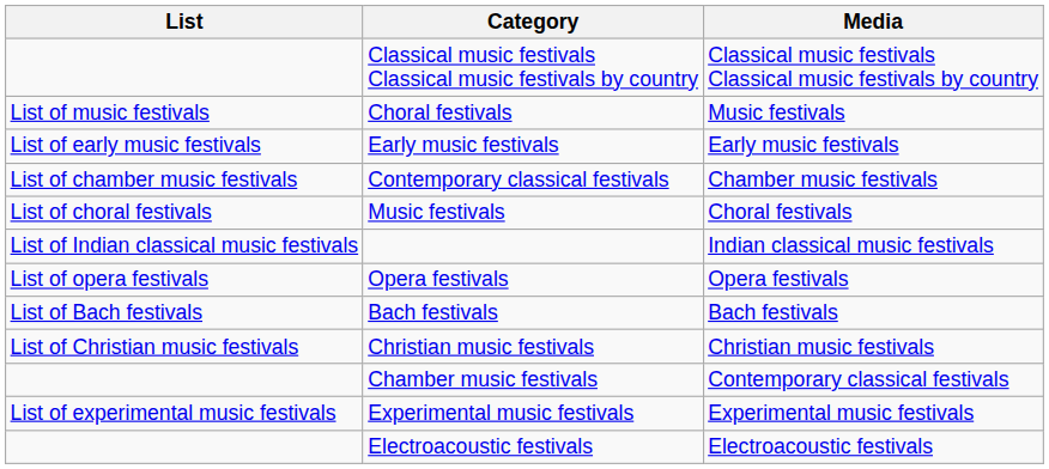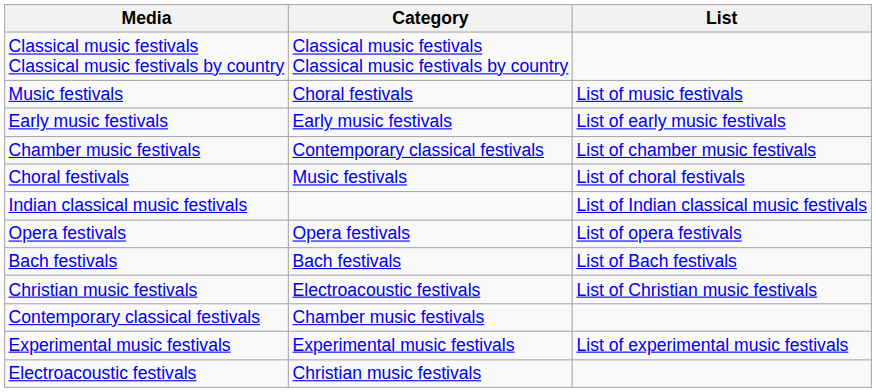 <table class="wikitable sortable">
 <tr>
+<th>Media</th>
+<th>Category</th>
 <th>List</th>
-<th>Category</th>
-<th>Media</th>
 </tr>
 <tr>
-<td></td>
 <td> <a href='#'>Classical music festivals</a><br> <a href='#'>Classical music festivals by country</a></td>
 <td> <a href='#'>Classical music festivals</a><br> <a href='#'>Classical music festivals by country</a></td>
+<td></td>
 </tr>
 <tr>
+<td> <a href='#'>Music festivals</a></td>
+<td> <a href='#'>Choral festivals</a></td>
 <td><a href='#'>List of music festivals</a></td>
+</tr>
+<tr>
+<td> <a href='#'>Early music festivals</a></td>
+<td> <a href='#'>Early music festivals</a></td>
+<td><a href='#'>List of early music festivals</a></td>
+</tr>
+<tr>
+<td> <a href='#'>Chamber music festivals</a></td>
+<td> <a href='#'>Contemporary classical festivals</a></td>
+<td><a href='#'>List of chamber music festivals</a></td>
+</tr>
+<tr>
 <td> <a href='#'>Choral festivals</a></td>
 <td> <a href='#'>Music festivals</a></td>
+<td><a href='#'>List of choral festivals</a></td>
 </tr>
 <tr>
-<td><a href='#'>List of early music festivals</a></td>
-<td> <a href='#'>Early music festivals</a></td>
-<td> <a href='#'>Early music festivals</a></td>
+<td> <a href='#'>Indian classical music festivals</a></td>
+<td></td>
+<td><a href='#'>List of Indian classical music festivals</a></td>
 </tr>
 <tr>
-<td><a href='#'>List of chamber music festivals</a></td>
+<td> <a href='#'>Opera festivals</a></td>
+<td> <a href='#'>Opera festivals</a></td>
+<td><a href='#'>List of opera festivals</a></td>
+</tr>
+<tr>
+<td> <a href='#'>Bach festivals</a></td>
+<td> <a href='#'>Bach festivals</a></td>
+<td><a href='#'>List of Bach festivals</a></td>
+</tr>
+<tr>
+<td> <a href='#'>Christian music festivals</a></td>
+<td> <a href='#'>Electroacoustic festivals</a></td>
+<td><a href='#'>List of Christian music festivals</a></td>
+</tr>
+<tr>
 <td> <a href='#'>Contemporary classical festivals</a></td>
 <td> <a href='#'>Chamber music festivals</a></td>
+<td></td>
 </tr>
 <tr>
-<td><a href='#'>List of choral festivals</a></td>
-<td> <a href='#'>Music festivals</a></td>
-<td> <a href='#'>Choral festivals</a></td>
+<td> <a href='#'>Experimental music festivals</a></td>
+<td> <a href='#'>Experimental music festivals</a></td>
+<td><a href='#'>List of experimental music festivals</a></td>
 </tr>
 <tr>
-<td><a href='#'>List of Indian classical music festivals</a></td>
+<td> <a href='#'>Electroacoustic festivals</a></td>
+<td> <a href='#'>Christian music festivals</a></td>
 <td></td>
-<td> <a href='#'>Indian classical music festivals</a></td>
-</tr>
-<tr>
-<td><a href='#'>List of opera festivals</a></td>
-<td> <a href='#'>Opera festivals</a></td>
-<td> <a href='#'>Opera festivals</a></td>
-</tr>
-<tr>
-<td><a href='#'>List of Bach festivals</a></td>
-<td> <a href='#'>Bach festivals</a></td>
-<td> <a href='#'>Bach festivals</a></td>
-</tr>
-<tr>
-<td><a href='#'>List of Christian music festivals</a></td>
-<td> <a href='#'>Christian music festivals</a></td>
-<td> <a href='#'>Christian music festivals</a></td>
-</tr>
-<tr>
-<td></td>
-<td> <a href='#'>Chamber music festivals</a></td>
-<td> <a href='#'>Contemporary classical festivals</a></td>
-</tr>
-<tr>
-<td><a href='#'>List of experimental music festivals</a></td>
-<td> <a href='#'>Experimental music festivals</a></td>
-<td> <a href='#'>Experimental music festivals</a></td>
-</tr>
-<tr>
-<td></td>
-<td> <a href='#'>Electroacoustic festivals</a></td>
-<td> <a href='#'>Electroacoustic festivals</a></td>
 </tr>
 </table>
